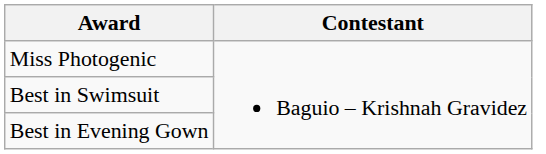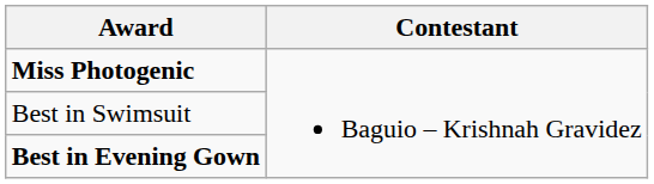 <table class="wikitable sortable" style="font-size: 95%;">
 <tr>
 <th>Award</th>
 <th>Contestant</th>
 </tr>
 <tr>
-<td>Miss Photogenic</td>
+<td><strong>Miss Photogenic</strong></td>
 <td rowspan="3"><br><ul><li>Baguio – Krishnah Gravidez</li></ul></td>
 </tr>
 <tr>
 <td>Best in Swimsuit</td>
 </tr>
 <tr>
-<td>Best in Evening Gown</td>
+<td><strong>Best in Evening Gown</strong></td>
 </tr>
 </table>
